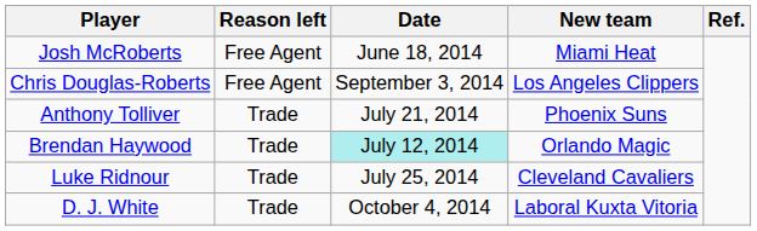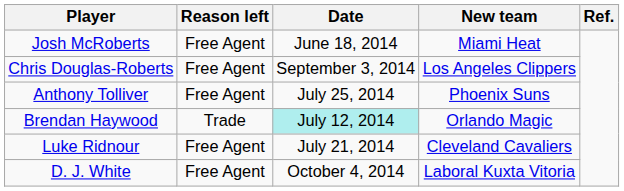 <table class="wikitable sortable sortable" style="text-align: center">
 <tr>
 <th>Player</th>
 <th>Reason left</th>
 <th>Date</th>
 <th>New team</th>
 <th>Ref.</th>
 </tr>
 <tr style="text-align: center">
 <td><a href='#'>Josh McRoberts</a></td>
 <td>Free Agent</td>
 <td>June 18, 2014</td>
 <td><a href='#'>Miami Heat</a></td>
 </tr>
 <tr style="text-align: center">
 <td><a href='#'>Chris Douglas-Roberts</a></td>
 <td>Free Agent</td>
 <td>September 3, 2014</td>
 <td><a href='#'>Los Angeles Clippers</a></td>
 </tr>
 <tr style="text-align: center">
 <td><a href='#'>Anthony Tolliver</a></td>
-<td>Trade</td>
-<td>July 21, 2014</td>
+<td>Free Agent</td>
+<td>July 25, 2014</td>
 <td><a href='#'>Phoenix Suns</a></td>
 </tr>
 <tr style="text-align: center">
 <td><a href='#'>Brendan Haywood</a></td>
 <td>Trade</td>
 <td style="background: paleturquoise;">July 12, 2014</td>
 <td><a href='#'>Orlando Magic</a></td>
 </tr>
 <tr style="text-align: center">
 <td><a href='#'>Luke Ridnour</a></td>
-<td>Trade</td>
-<td>July 25, 2014</td>
+<td>Free Agent</td>
+<td>July 21, 2014</td>
 <td><a href='#'>Cleveland Cavaliers</a></td>
 </tr>
 <tr style="text-align: center">
 <td><a href='#'>D. J. White</a></td>
-<td>Trade</td>
+<td>Free Agent</td>
 <td>October 4, 2014</td>
 <td> <a href='#'>Laboral Kuxta Vitoria</a></td>
 </tr>
 </table>
